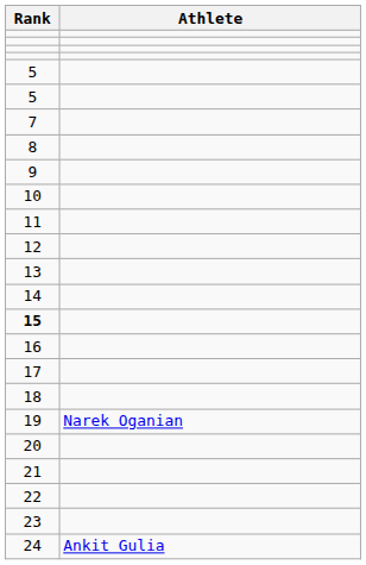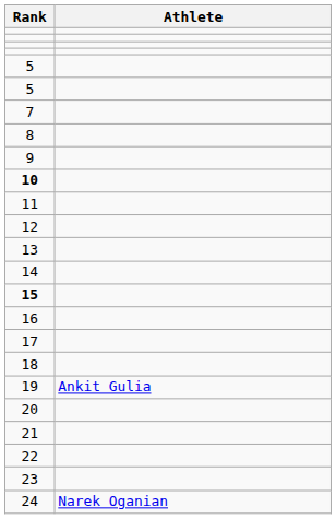 <table class="wikitable" style="text-align: center;">
 <tr>
 <th width=40>Rank</th>
 <th width=250>Athlete</th>
 </tr>
 <tr>
 <td></td>
 <td align="left"></td>
 </tr>
 <tr>
 <td></td>
 <td align="left"></td>
 </tr>
 <tr>
 <td></td>
 <td align="left"></td>
 </tr>
 <tr>
 <td></td>
 <td align="left"></td>
 </tr>
 <tr>
 <td>5</td>
 <td align="left"></td>
 </tr>
 <tr>
 <td>5</td>
 <td align="left"></td>
 </tr>
 <tr>
 <td>7</td>
 <td align="left"></td>
 </tr>
 <tr>
 <td>8</td>
 <td align="left"></td>
 </tr>
 <tr>
 <td>9</td>
 <td align="left"></td>
 </tr>
 <tr>
-<td>10</td>
+<td><strong>10</strong></td>
 <td align="left"></td>
 </tr>
 <tr>
 <td>11</td>
 <td align="left"></td>
 </tr>
 <tr>
 <td>12</td>
 <td align="left"></td>
 </tr>
 <tr>
 <td>13</td>
 <td align="left"></td>
 </tr>
 <tr>
 <td>14</td>
 <td align="left"></td>
 </tr>
 <tr>
 <td><strong>15</strong></td>
 <td align="left"></td>
 </tr>
 <tr>
 <td>16</td>
 <td align="left"></td>
 </tr>
 <tr>
 <td>17</td>
 <td align="left"></td>
 </tr>
 <tr>
 <td>18</td>
 <td align="left"></td>
 </tr>
 <tr>
 <td>19</td>
-<td align="left"> <a href='#'>Narek Oganian</a> </td>
+<td align="left"> <a href='#'>Ankit Gulia</a> </td>
 </tr>
 <tr>
 <td>20</td>
 <td align="left"></td>
 </tr>
 <tr>
 <td>21</td>
 <td align="left"></td>
 </tr>
 <tr>
 <td>22</td>
 <td align="left"></td>
 </tr>
 <tr>
 <td>23</td>
 <td align="left"></td>
 </tr>
 <tr>
 <td>24</td>
-<td align="left"> <a href='#'>Ankit Gulia</a> </td>
+<td align="left"> <a href='#'>Narek Oganian</a> </td>
 </tr>
 </table>
